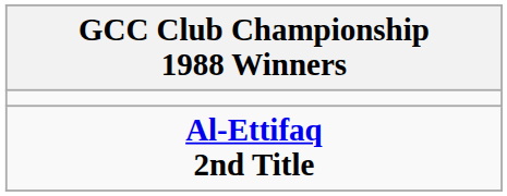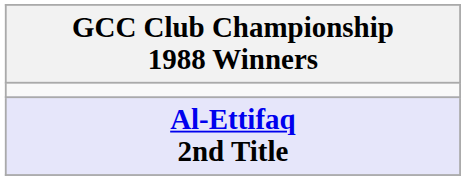 <table class="wikitable" style="text-align: center; margin: 0 auto; width: 20%">
 <tr>
 <th>GCC Club Championship <br>1988 Winners</th>
 </tr>
 <tr>
 <td></td>
 </tr>
 <tr>
-<td><strong><a href='#'>Al-Ettifaq</a></strong><br><strong>2nd Title</strong></td>
+<td style="background: lavender;"><strong><a href='#'>Al-Ettifaq</a></strong><br><strong>2nd Title</strong></td>
 </tr>
 </table>
